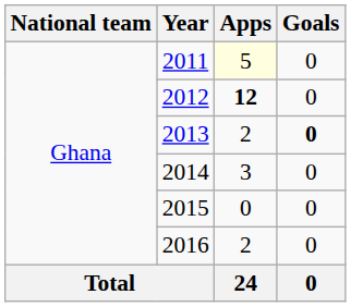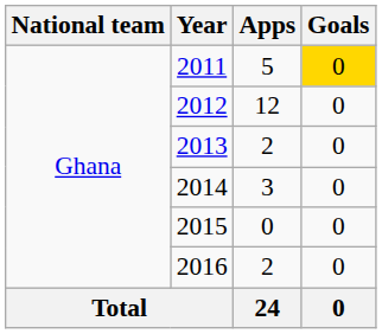 <table class="wikitable" style="text-align:center">
 <tr>
 <th>National team</th>
 <th>Year</th>
 <th>Apps</th>
 <th>Goals</th>
 </tr>
 <tr>
 <td rowspan="6"><a href='#'>Ghana</a></td>
 <td><a href='#'>2011</a></td>
-<td style="background: lightyellow;">5</td>
-<td>0</td>
+<td>5</td>
+<td style="background: gold;">0</td>
 </tr>
 <tr>
 <td><a href='#'>2012</a></td>
-<td><strong>12</strong></td>
+<td>12</td>
 <td>0</td>
 </tr>
 <tr>
 <td><a href='#'>2013</a></td>
 <td>2</td>
-<td><strong>0</strong></td>
+<td>0</td>
 </tr>
 <tr>
 <td>2014</td>
 <td>3</td>
 <td>0</td>
 </tr>
 <tr>
 <td>2015</td>
 <td>0</td>
 <td>0</td>
 </tr>
 <tr>
 <td>2016</td>
 <td>2</td>
 <td>0</td>
 </tr>
 <tr>
 <th colspan="2">Total</th>
 <th>24</th>
 <th>0</th>
 </tr>
 </table>
